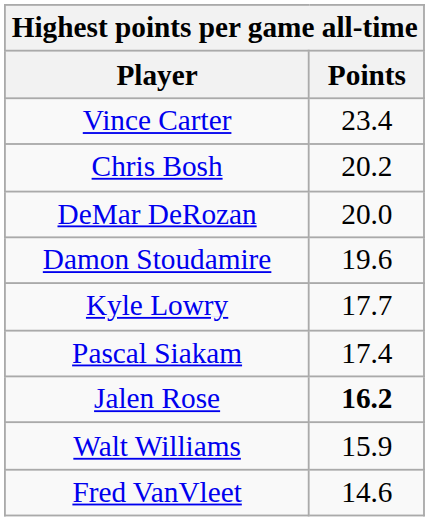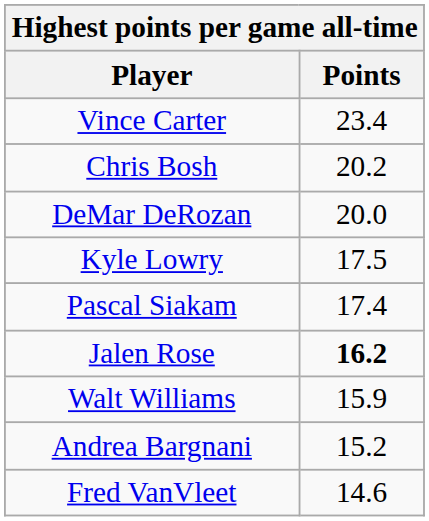 <table class="wikitable sortable" style="text-align:center">
 <tr>
 <th colspan="2">Highest points per game all-time</th>
 </tr>
 <tr>
 <th>Player</th>
 <th>Points</th>
 </tr>
 <tr>
 <td><a href='#'>Vince Carter</a></td>
 <td>23.4</td>
 </tr>
 <tr>
 <td><a href='#'>Chris Bosh</a></td>
 <td>20.2</td>
 </tr>
 <tr>
 <td><a href='#'>DeMar DeRozan</a></td>
 <td>20.0</td>
 </tr>
 <tr>
-<td><a href='#'>Damon Stoudamire</a></td>
-<td>19.6</td>
-</tr>
-<tr>
 <td><a href='#'>Kyle Lowry</a></td>
-<td>17.7</td>
+<td>17.5</td>
 </tr>
 <tr>
 <td><a href='#'>Pascal Siakam</a></td>
 <td>17.4</td>
 </tr>
 <tr>
 <td><a href='#'>Jalen Rose</a></td>
 <td><strong>16.2</strong></td>
 </tr>
 <tr>
 <td><a href='#'>Walt Williams</a></td>
 <td>15.9</td>
 </tr>
 <tr>
+<td><a href='#'>Andrea Bargnani</a></td>
+<td>15.2</td>
+</tr>
+<tr>
 <td><a href='#'>Fred VanVleet</a></td>
 <td>14.6</td>
 </tr>
 </table>
